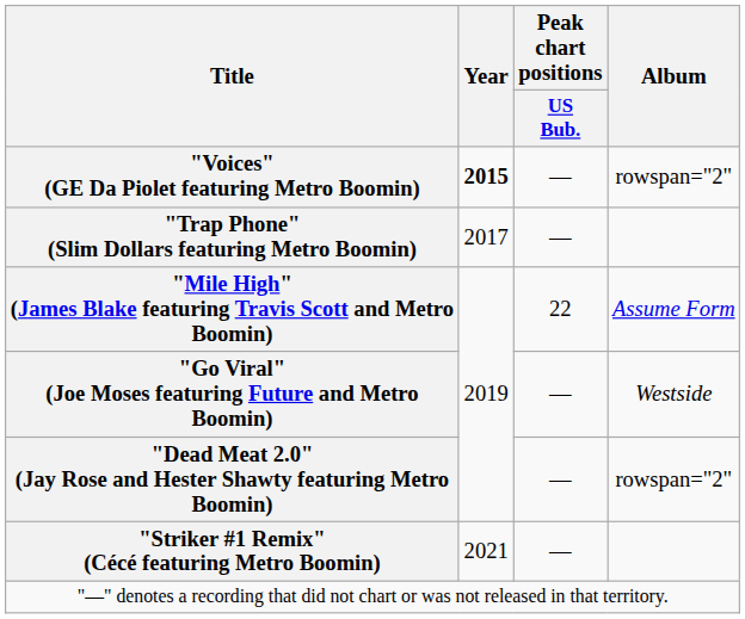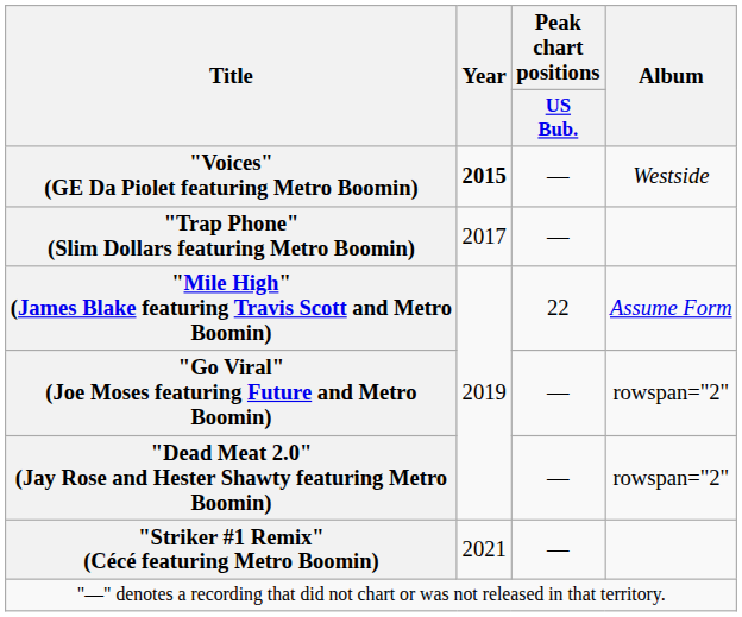 <table class="wikitable plainrowheaders" style="text-align:center;">
 <tr>
 <th scope="col" rowspan="2" style="width:20em;">Title</th>
 <th scope="col" rowspan="2">Year</th>
 <th scope="col" colspan="1">Peak chart positions</th>
 <th scope="col" rowspan="2">Album</th>
 </tr>
 <tr>
 <th scope="col" style="width:3em;font-size:90%;"><a href='#'>US<br>Bub.</a><br></th>
 </tr>
 <tr>
 <th scope="row">"Voices"<br><span>(GE Da Piolet featuring Metro Boomin)</span></th>
 <td><strong>2015</strong></td>
 <td>—</td>
-<td>rowspan="2" </td>
+<td><em>Westside</em></td>
 </tr>
 <tr>
 <th scope="row">"Trap Phone"<br><span>(Slim Dollars featuring Metro Boomin)</span></th>
 <td>2017</td>
 <td>—</td>
 </tr>
 <tr>
 <th scope="row">"<a href='#'>Mile High</a>"<br><span>(<a href='#'>James Blake</a> featuring <a href='#'>Travis Scott</a> and Metro Boomin)</span></th>
 <td rowspan="3">2019</td>
 <td>22</td>
 <td><em><a href='#'>Assume Form</a></em></td>
 </tr>
 <tr>
 <th scope="row">"Go Viral"<br><span>(Joe Moses featuring <a href='#'>Future</a> and Metro Boomin)</span></th>
 <td>—</td>
-<td><em>Westside</em></td>
+<td>rowspan="2" </td>
 </tr>
 <tr>
 <th scope="row">"Dead Meat 2.0"<br><span>(Jay Rose and Hester Shawty featuring Metro Boomin)</span></th>
 <td>—</td>
 <td>rowspan="2" </td>
 </tr>
 <tr>
 <th scope="row">"Striker #1 Remix"<br><span>(Cécé featuring Metro Boomin)</span></th>
 <td>2021</td>
 <td>—</td>
 </tr>
 <tr>
 <td colspan="4" style="font-size:85%">"—" denotes a recording that did not chart or was not released in that territory.</td>
 </tr>
 </table>
